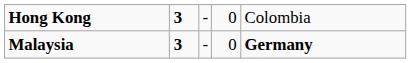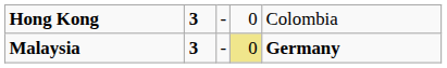 <table class="wikitable">
 <tr>
 <td width=150> <strong>Hong Kong</strong></td>
 <td style="width:20px; text-align:left;"><strong>3</strong></td>
 <td>-</td>
 <td style="width:20px; text-align:right;">0</td>
 <td width=150> Colombia</td>
 </tr>
 <tr>
 <td> <strong>Malaysia</strong></td>
 <td style="text-align:left;"><strong>3</strong></td>
 <td>-</td>
-<td style="text-align:right;">0</td>
+<td style="background: khaki; text-align:right;">0</td>
 <td><strong> Germany</strong></td>
 </tr>
 </table>
